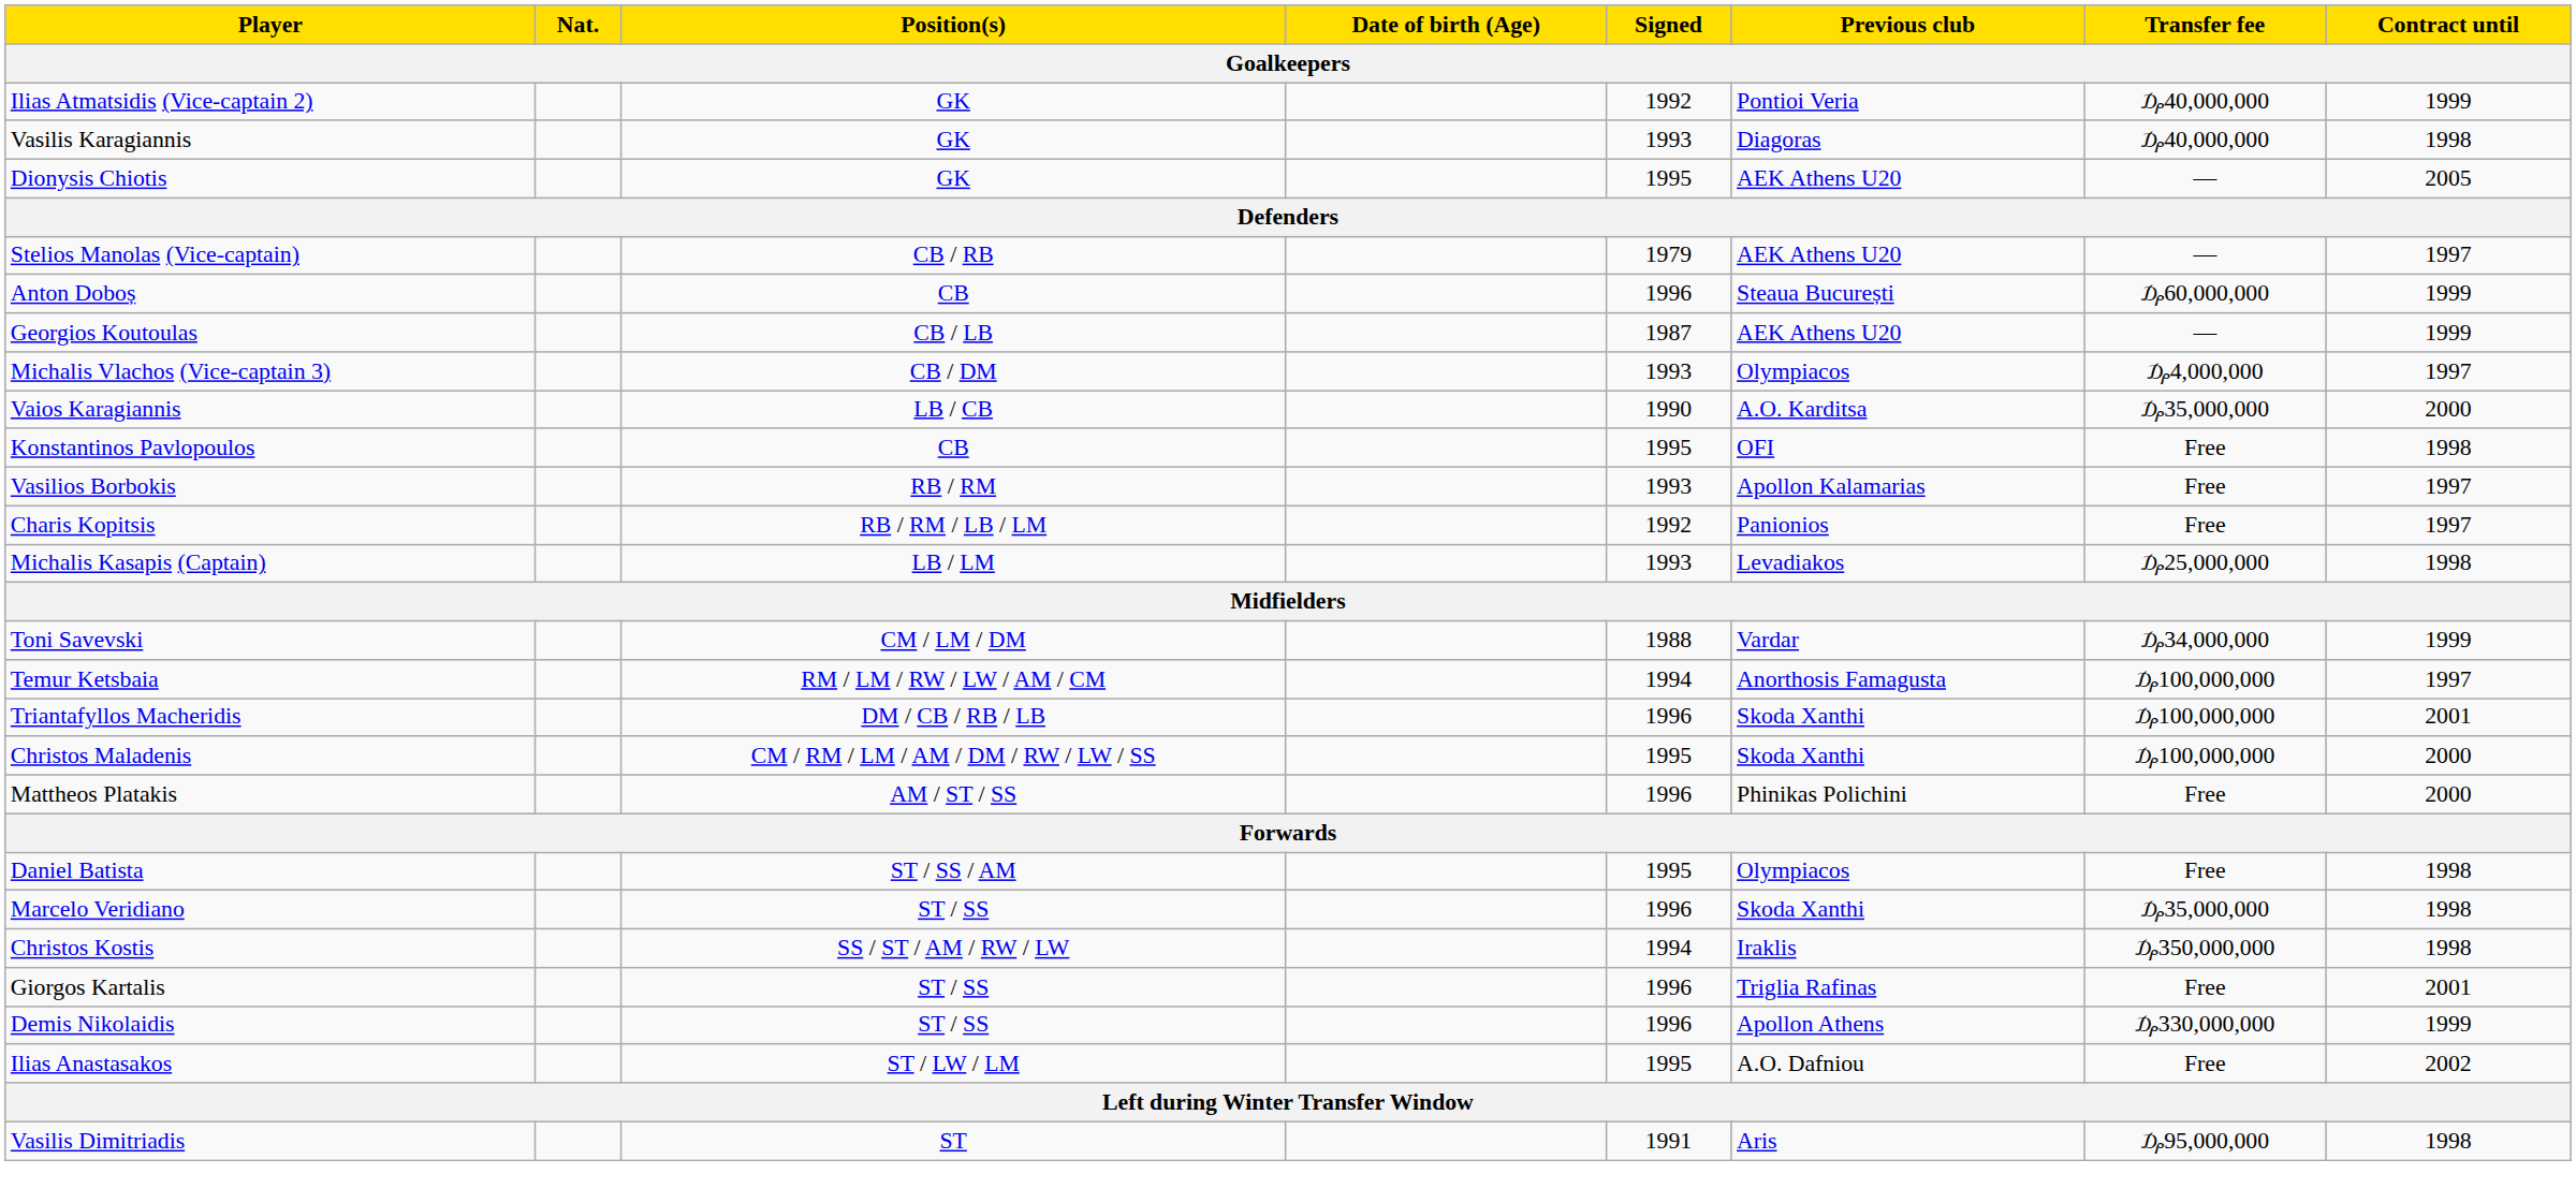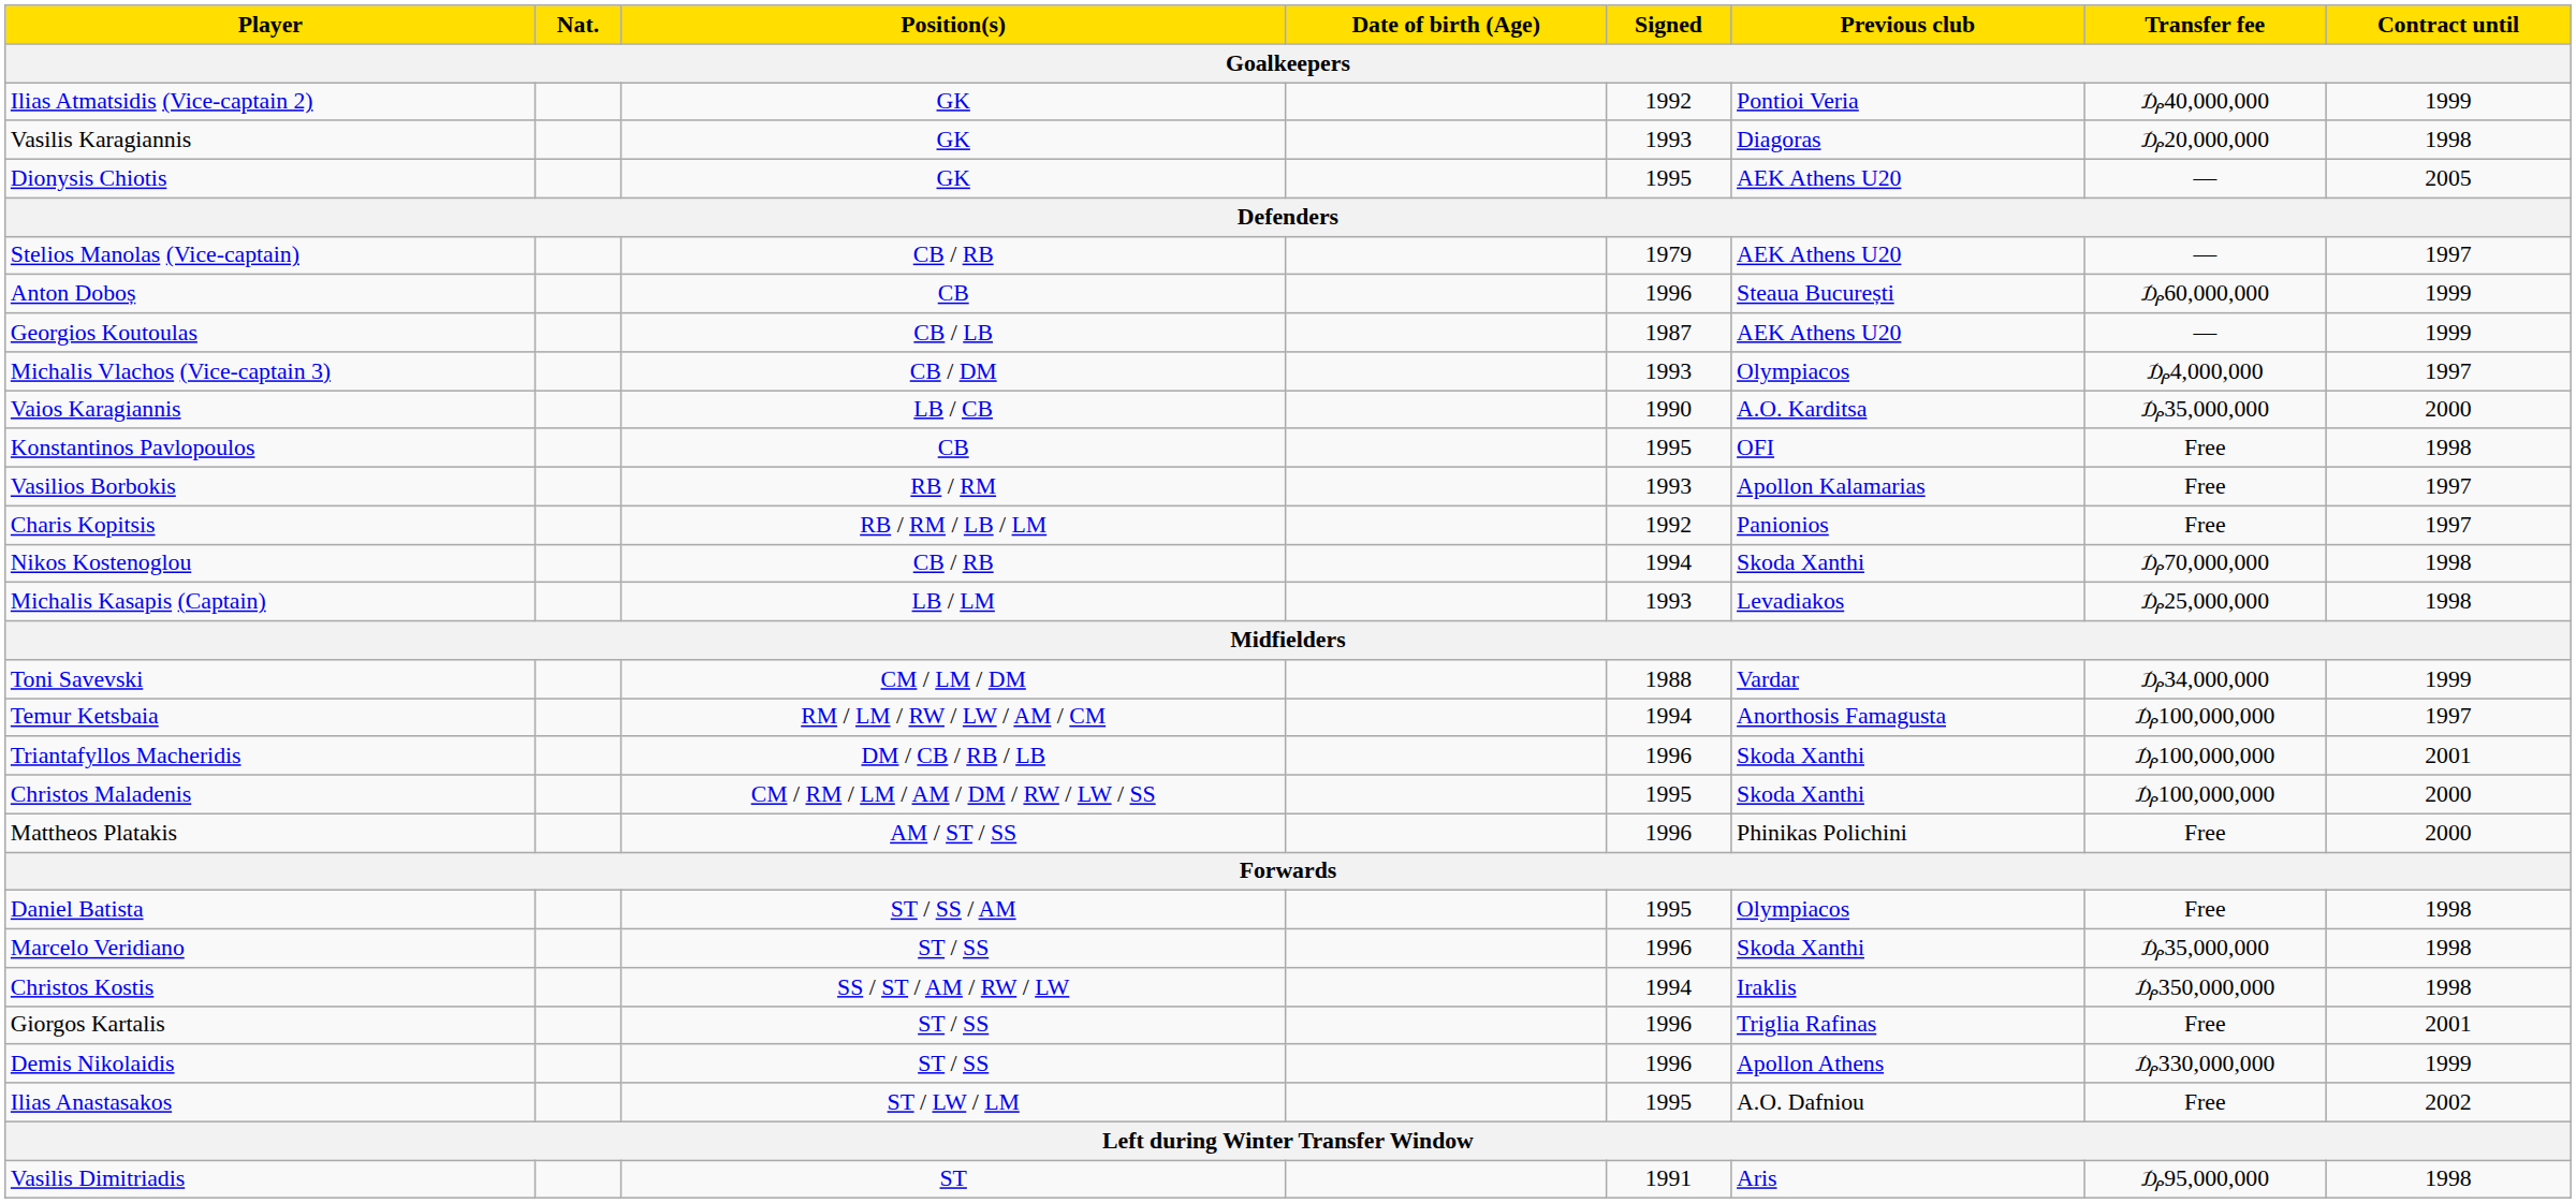 <table class="wikitable" style="text-align:center; font-size:90%; width:100%">
 <tr>
 <th style="background:#FFDE00">Player</th>
 <th style="background:#FFDE00">Nat.</th>
 <th style="background:#FFDE00">Position(s)</th>
 <th style="background:#FFDE00">Date of birth (Age)</th>
 <th style="background:#FFDE00">Signed</th>
 <th style="background:#FFDE00">Previous club</th>
 <th style="background:#FFDE00">Transfer fee</th>
 <th style="background:#FFDE00">Contract until</th>
 </tr>
 <tr>
 <th colspan="8">Goalkeepers</th>
 </tr>
 <tr>
 <td align=left><a href='#'>Ilias Atmatsidis</a> <a href='#'>(Vice-captain 2)</a></td>
 <td></td>
 <td><a href='#'>GK</a></td>
 <td></td>
 <td>1992</td>
 <td align=left> <a href='#'>Pontioi Veria</a></td>
 <td>₯40,000,000</td>
 <td>1999</td>
 </tr>
 <tr>
 <td align=left>Vasilis Karagiannis</td>
 <td></td>
 <td><a href='#'>GK</a></td>
 <td></td>
 <td>1993</td>
 <td align=left> <a href='#'>Diagoras</a></td>
-<td>₯40,000,000</td>
+<td>₯20,000,000</td>
 <td>1998</td>
 </tr>
 <tr>
 <td align=left><a href='#'>Dionysis Chiotis</a></td>
 <td></td>
 <td><a href='#'>GK</a></td>
 <td></td>
 <td>1995</td>
 <td align=left> <a href='#'>AEK Athens U20</a></td>
 <td>—</td>
 <td>2005</td>
 </tr>
 <tr>
 <th colspan="8">Defenders</th>
 </tr>
 <tr>
 <td align=left><a href='#'>Stelios Manolas</a> <a href='#'>(Vice-captain)</a></td>
 <td></td>
 <td><a href='#'>CB</a> / <a href='#'>RB</a></td>
 <td></td>
 <td>1979</td>
 <td align=left> <a href='#'>AEK Athens U20</a></td>
 <td>—</td>
 <td>1997</td>
 </tr>
 <tr>
 <td align=left><a href='#'>Anton Doboș</a></td>
 <td></td>
 <td><a href='#'>CB</a></td>
 <td></td>
 <td>1996</td>
 <td align=left> <a href='#'>Steaua București</a></td>
 <td>₯60,000,000</td>
 <td>1999</td>
 </tr>
 <tr>
 <td align=left><a href='#'>Georgios Koutoulas</a></td>
 <td></td>
 <td><a href='#'>CB</a> / <a href='#'>LB</a></td>
 <td></td>
 <td>1987</td>
 <td align=left> <a href='#'>AEK Athens U20</a></td>
 <td>—</td>
 <td>1999</td>
 </tr>
 <tr>
 <td align=left><a href='#'>Michalis Vlachos</a> <a href='#'>(Vice-captain 3)</a></td>
 <td></td>
 <td><a href='#'>CB</a> / <a href='#'>DM</a></td>
 <td></td>
 <td>1993</td>
 <td align=left> <a href='#'>Olympiacos</a></td>
 <td>₯4,000,000</td>
 <td>1997</td>
 </tr>
 <tr>
 <td align=left><a href='#'>Vaios Karagiannis</a></td>
 <td></td>
 <td><a href='#'>LB</a> / <a href='#'>CB</a></td>
 <td></td>
 <td>1990</td>
 <td align=left> <a href='#'>A.O. Karditsa</a></td>
 <td>₯35,000,000</td>
 <td>2000</td>
 </tr>
 <tr>
 <td align=left><a href='#'>Konstantinos Pavlopoulos</a></td>
 <td></td>
 <td><a href='#'>CB</a></td>
 <td></td>
 <td>1995</td>
 <td align=left> <a href='#'>OFI</a></td>
 <td>Free</td>
 <td>1998</td>
 </tr>
 <tr>
 <td align=left><a href='#'>Vasilios Borbokis</a></td>
 <td></td>
 <td><a href='#'>RB</a> / <a href='#'>RM</a></td>
 <td></td>
 <td>1993</td>
 <td align=left> <a href='#'>Apollon Kalamarias</a></td>
 <td>Free</td>
 <td>1997</td>
 </tr>
 <tr>
 <td align=left><a href='#'>Charis Kopitsis</a></td>
 <td></td>
 <td><a href='#'>RB</a> / <a href='#'>RM</a> / <a href='#'>LB</a> / <a href='#'>LM</a></td>
 <td></td>
 <td>1992</td>
 <td align=left> <a href='#'>Panionios</a></td>
 <td>Free</td>
 <td>1997</td>
+</tr>
+<tr>
+<td align=left><a href='#'>Nikos Kostenoglou</a></td>
+<td></td>
+<td><a href='#'>CB</a> / <a href='#'>RB</a></td>
+<td></td>
+<td>1994</td>
+<td align=left> <a href='#'>Skoda Xanthi</a></td>
+<td>₯70,000,000</td>
+<td>1998</td>
 </tr>
 <tr>
 <td align=left><a href='#'>Michalis Kasapis</a> <a href='#'>(Captain)</a></td>
 <td></td>
 <td><a href='#'>LB</a> / <a href='#'>LM</a></td>
 <td></td>
 <td>1993</td>
 <td align=left> <a href='#'>Levadiakos</a></td>
 <td>₯25,000,000</td>
 <td>1998</td>
 </tr>
 <tr>
 <th colspan="8">Midfielders</th>
 </tr>
 <tr>
 <td align=left><a href='#'>Toni Savevski</a></td>
 <td></td>
 <td><a href='#'>CM</a> / <a href='#'>LM</a> / <a href='#'>DM</a></td>
 <td></td>
 <td>1988</td>
 <td align=left> <a href='#'>Vardar</a></td>
 <td>₯34,000,000</td>
 <td>1999</td>
 </tr>
 <tr>
 <td align=left><a href='#'>Temur Ketsbaia</a></td>
 <td></td>
 <td><a href='#'>RM</a> / <a href='#'>LM</a> / <a href='#'>RW</a> / <a href='#'>LW</a> / <a href='#'>AM</a> / <a href='#'>CM</a></td>
 <td></td>
 <td>1994</td>
 <td align=left> <a href='#'>Anorthosis Famagusta</a></td>
 <td>₯100,000,000</td>
 <td>1997</td>
 </tr>
 <tr>
 <td align=left><a href='#'>Triantafyllos Macheridis</a></td>
 <td></td>
 <td><a href='#'>DM</a> / <a href='#'>CB</a> / <a href='#'>RB</a> / <a href='#'>LB</a></td>
 <td></td>
 <td>1996</td>
 <td align=left> <a href='#'>Skoda Xanthi</a></td>
 <td>₯100,000,000</td>
 <td>2001</td>
 </tr>
 <tr>
 <td align=left><a href='#'>Christos Maladenis</a></td>
 <td></td>
 <td><a href='#'>CM</a> / <a href='#'>RM</a> / <a href='#'>LM</a> / <a href='#'>AM</a> / <a href='#'>DM</a> / <a href='#'>RW</a> / <a href='#'>LW</a> / <a href='#'>SS</a></td>
 <td></td>
 <td>1995</td>
 <td align=left> <a href='#'>Skoda Xanthi</a></td>
 <td>₯100,000,000</td>
 <td>2000</td>
 </tr>
 <tr>
 <td align=left>Mattheos Platakis</td>
 <td></td>
 <td><a href='#'>AM</a> / <a href='#'>ST</a> / <a href='#'>SS</a></td>
 <td></td>
 <td>1996</td>
 <td align=left> Phinikas Polichini</td>
 <td>Free</td>
 <td>2000</td>
 </tr>
 <tr>
 <th colspan="8">Forwards</th>
 </tr>
 <tr>
 <td align=left><a href='#'>Daniel Batista</a></td>
 <td></td>
 <td><a href='#'>ST</a> / <a href='#'>SS</a> / <a href='#'>AM</a></td>
 <td></td>
 <td>1995</td>
 <td align=left> <a href='#'>Olympiacos</a></td>
 <td>Free</td>
 <td>1998</td>
 </tr>
 <tr>
 <td align=left><a href='#'>Marcelo Veridiano</a></td>
 <td></td>
 <td><a href='#'>ST</a> / <a href='#'>SS</a></td>
 <td></td>
 <td>1996</td>
 <td align=left> <a href='#'>Skoda Xanthi</a></td>
 <td>₯35,000,000</td>
 <td>1998</td>
 </tr>
 <tr>
 <td align=left><a href='#'>Christos Kostis</a></td>
 <td></td>
 <td><a href='#'>SS</a> / <a href='#'>ST</a> / <a href='#'>AM</a> / <a href='#'>RW</a> / <a href='#'>LW</a></td>
 <td></td>
 <td>1994</td>
 <td align=left> <a href='#'>Iraklis</a></td>
 <td>₯350,000,000</td>
 <td>1998</td>
 </tr>
 <tr>
 <td align=left>Giorgos Kartalis</td>
 <td></td>
 <td><a href='#'>ST</a> / <a href='#'>SS</a></td>
 <td></td>
 <td>1996</td>
 <td align=left> <a href='#'>Triglia Rafinas</a></td>
 <td>Free</td>
 <td>2001</td>
 </tr>
 <tr>
 <td align=left><a href='#'>Demis Nikolaidis</a></td>
 <td></td>
 <td><a href='#'>ST</a> / <a href='#'>SS</a></td>
 <td></td>
 <td>1996</td>
 <td align=left> <a href='#'>Apollon Athens</a></td>
 <td>₯330,000,000</td>
 <td>1999</td>
 </tr>
 <tr>
 <td align=left><a href='#'>Ilias Anastasakos</a></td>
 <td></td>
 <td><a href='#'>ST</a> / <a href='#'>LW</a> / <a href='#'>LM</a></td>
 <td></td>
 <td>1995</td>
 <td align=left> A.O. Dafniou</td>
 <td>Free</td>
 <td>2002</td>
 </tr>
 <tr>
 <th colspan="8">Left during Winter Transfer Window</th>
 </tr>
 <tr>
 <td align=left><a href='#'>Vasilis Dimitriadis</a></td>
 <td></td>
 <td><a href='#'>ST</a></td>
 <td></td>
 <td>1991</td>
 <td align=left> <a href='#'>Aris</a></td>
 <td>₯95,000,000</td>
 <td>1998</td>
 </tr>
 </table>
